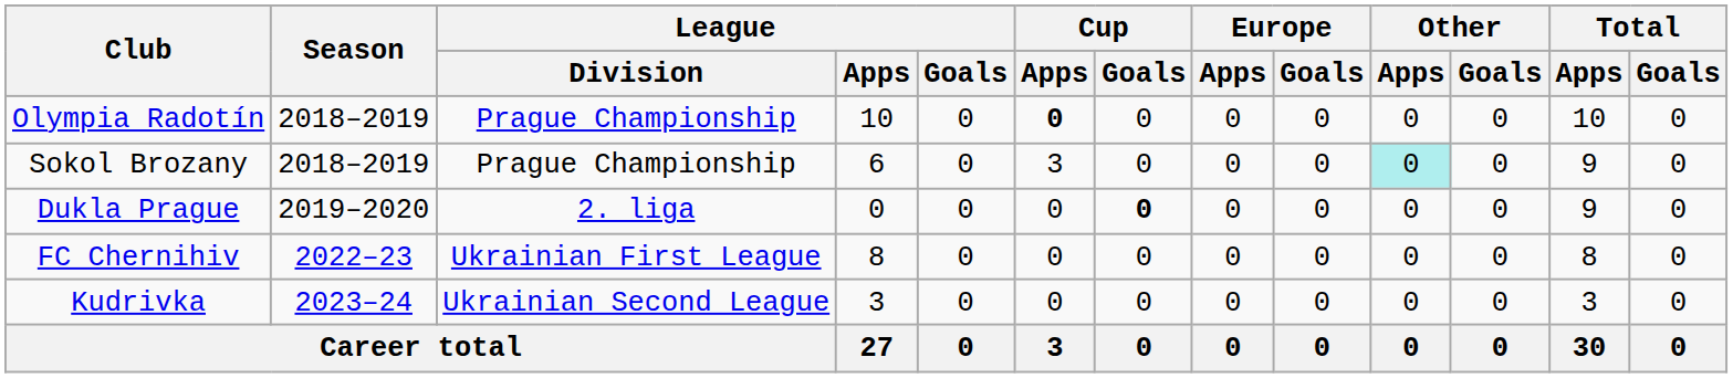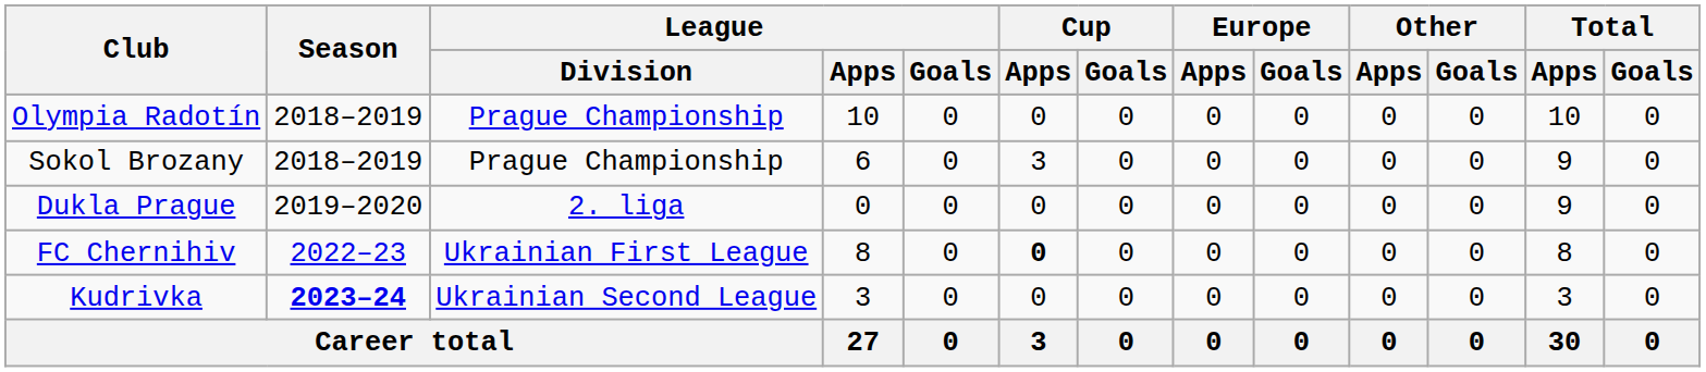 <table class="wikitable" style="text-align:center">
 <tr>
 <th rowspan="2">Club</th>
 <th rowspan="2">Season</th>
 <th colspan="3">League</th>
 <th colspan="2">Cup</th>
 <th colspan="2">Europe</th>
 <th colspan="2">Other</th>
 <th colspan="2">Total</th>
 </tr>
 <tr>
 <th>Division</th>
 <th>Apps</th>
 <th>Goals</th>
 <th>Apps</th>
 <th>Goals</th>
 <th>Apps</th>
 <th>Goals</th>
 <th>Apps</th>
 <th>Goals</th>
 <th>Apps</th>
 <th>Goals</th>
 </tr>
 <tr>
 <td rowspan="1"><a href='#'>Olympia Radotín</a></td>
 <td>2018–2019</td>
 <td><a href='#'>Prague Championship</a></td>
 <td>10</td>
 <td>0</td>
-<td><strong>0</strong></td>
+<td>0</td>
 <td>0</td>
 <td>0</td>
 <td>0</td>
 <td>0</td>
 <td>0</td>
 <td>10</td>
 <td>0</td>
 </tr>
 <tr>
 <td rowspan="1">Sokol Brozany</td>
 <td>2018–2019</td>
 <td>Prague Championship</td>
 <td>6</td>
 <td>0</td>
 <td>3</td>
 <td>0</td>
 <td>0</td>
 <td>0</td>
-<td style="background: paleturquoise;">0</td>
+<td>0</td>
 <td>0</td>
 <td>9</td>
 <td>0</td>
 </tr>
 <tr>
 <td rowspan="1"><a href='#'>Dukla Prague</a></td>
 <td>2019–2020</td>
 <td><a href='#'>2. liga</a></td>
 <td>0</td>
 <td>0</td>
 <td>0</td>
-<td><strong>0</strong></td>
+<td>0</td>
 <td>0</td>
 <td>0</td>
 <td>0</td>
 <td>0</td>
 <td>9</td>
 <td>0</td>
 </tr>
 <tr>
 <td rowspan="1"><a href='#'>FC Chernihiv</a></td>
 <td><a href='#'>2022–23</a></td>
 <td><a href='#'>Ukrainian First League</a></td>
 <td>8</td>
 <td>0</td>
-<td>0</td>
+<td><strong>0</strong></td>
 <td>0</td>
 <td>0</td>
 <td>0</td>
 <td>0</td>
 <td>0</td>
 <td>8</td>
 <td>0</td>
 </tr>
 <tr>
 <td rowspan="1"><a href='#'>Kudrivka</a></td>
-<td><a href='#'>2023–24</a></td>
+<td><strong><a href='#'>2023–24</a></strong></td>
 <td><a href='#'>Ukrainian Second League</a></td>
 <td>3</td>
 <td>0</td>
 <td>0</td>
 <td>0</td>
 <td>0</td>
 <td>0</td>
 <td>0</td>
 <td>0</td>
 <td>3</td>
 <td>0</td>
 </tr>
 <tr>
 <th colspan="3">Career total</th>
 <th>27</th>
 <th>0</th>
 <th>3</th>
 <th>0</th>
 <th>0</th>
 <th>0</th>
 <th>0</th>
 <th>0</th>
 <th>30</th>
 <th>0</th>
 </tr>
 </table>
